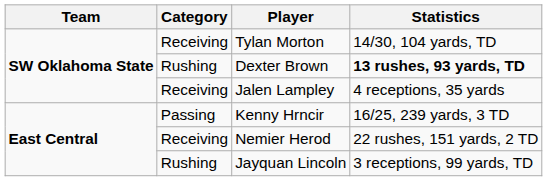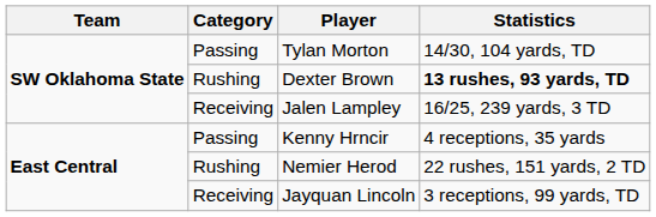 <table class="wikitable" style="float: right;">
 <tr>
 <th>Team</th>
 <th>Category</th>
 <th>Player</th>
 <th>Statistics</th>
 </tr>
 <tr>
 <td rowspan=3><strong>SW Oklahoma State</strong></td>
-<td>Receiving</td>
+<td>Passing</td>
 <td>Tylan Morton</td>
 <td>14/30, 104 yards, TD</td>
 </tr>
 <tr>
 <td>Rushing</td>
 <td>Dexter Brown</td>
 <td><strong>13 rushes, 93 yards, TD</strong></td>
 </tr>
 <tr>
 <td>Receiving</td>
 <td>Jalen Lampley</td>
-<td>4 receptions, 35 yards</td>
+<td>16/25, 239 yards, 3 TD</td>
 </tr>
 <tr>
 <td rowspan=3><strong>East Central</strong></td>
 <td>Passing</td>
 <td>Kenny Hrncir</td>
-<td>16/25, 239 yards, 3 TD</td>
+<td>4 receptions, 35 yards</td>
 </tr>
 <tr>
-<td>Receiving</td>
+<td>Rushing</td>
 <td>Nemier Herod</td>
 <td>22 rushes, 151 yards, 2 TD</td>
 </tr>
 <tr>
-<td>Rushing</td>
+<td>Receiving</td>
 <td>Jayquan Lincoln</td>
 <td>3 receptions, 99 yards, TD</td>
 </tr>
 </table>
